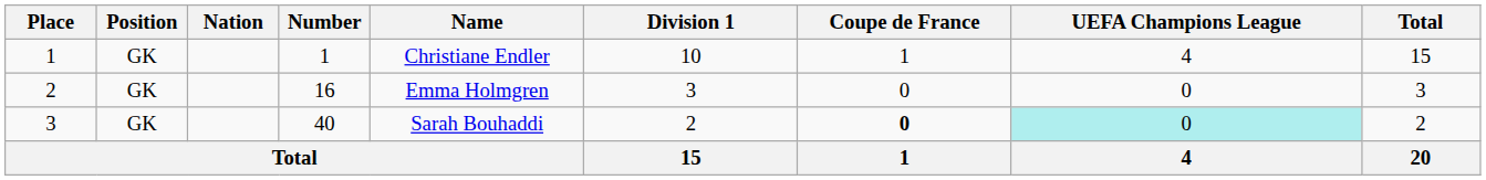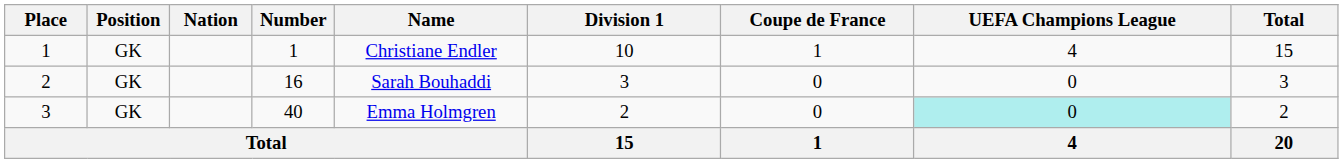 <table class="wikitable" style="font-size: 95%; text-align: center;">
 <tr>
 <th width=60>Place</th>
 <th width=60>Position</th>
 <th width=60>Nation</th>
 <th width=60>Number</th>
 <th width=150>Name</th>
 <th width=150>Division 1</th>
 <th width=150>Coupe de France</th>
 <th width=250>UEFA Champions League</th>
 <th width=80>Total</th>
 </tr>
 <tr>
 <td>1</td>
 <td>GK</td>
 <td></td>
 <td>1</td>
 <td><a href='#'>Christiane Endler</a></td>
 <td>10</td>
 <td>1</td>
 <td>4</td>
 <td>15</td>
 </tr>
 <tr>
 <td>2</td>
 <td>GK</td>
 <td></td>
 <td>16</td>
-<td><a href='#'>Emma Holmgren</a></td>
+<td><a href='#'>Sarah Bouhaddi</a></td>
 <td>3</td>
 <td>0</td>
 <td>0</td>
 <td>3</td>
 </tr>
 <tr>
 <td>3</td>
 <td>GK</td>
 <td></td>
 <td>40</td>
-<td><a href='#'>Sarah Bouhaddi</a></td>
+<td><a href='#'>Emma Holmgren</a></td>
 <td>2</td>
-<td><strong>0</strong></td>
+<td>0</td>
 <td style="background: paleturquoise;">0</td>
 <td>2</td>
 </tr>
 <tr>
 <th colspan=5>Total</th>
 <th>15</th>
 <th>1</th>
 <th>4</th>
 <th>20</th>
 </tr>
 </table>
